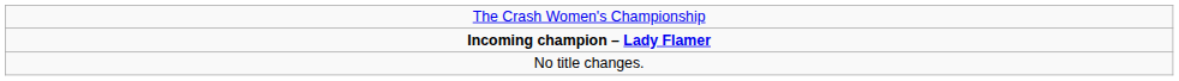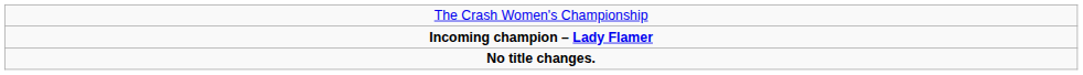 <table class="wikitable" style="text-align:center; width:100%;">
 <tr>
 <td style="text-align: center;"><a href='#'>The Crash Women's Championship</a></td>
 </tr>
 <tr>
 <td style="text-align: center;"><strong>Incoming champion – <a href='#'>Lady Flamer</a></strong></td>
 </tr>
 <tr>
-<td>No title changes.</td>
+<td><strong>No title changes.</strong></td>
 </tr>
 </table>
